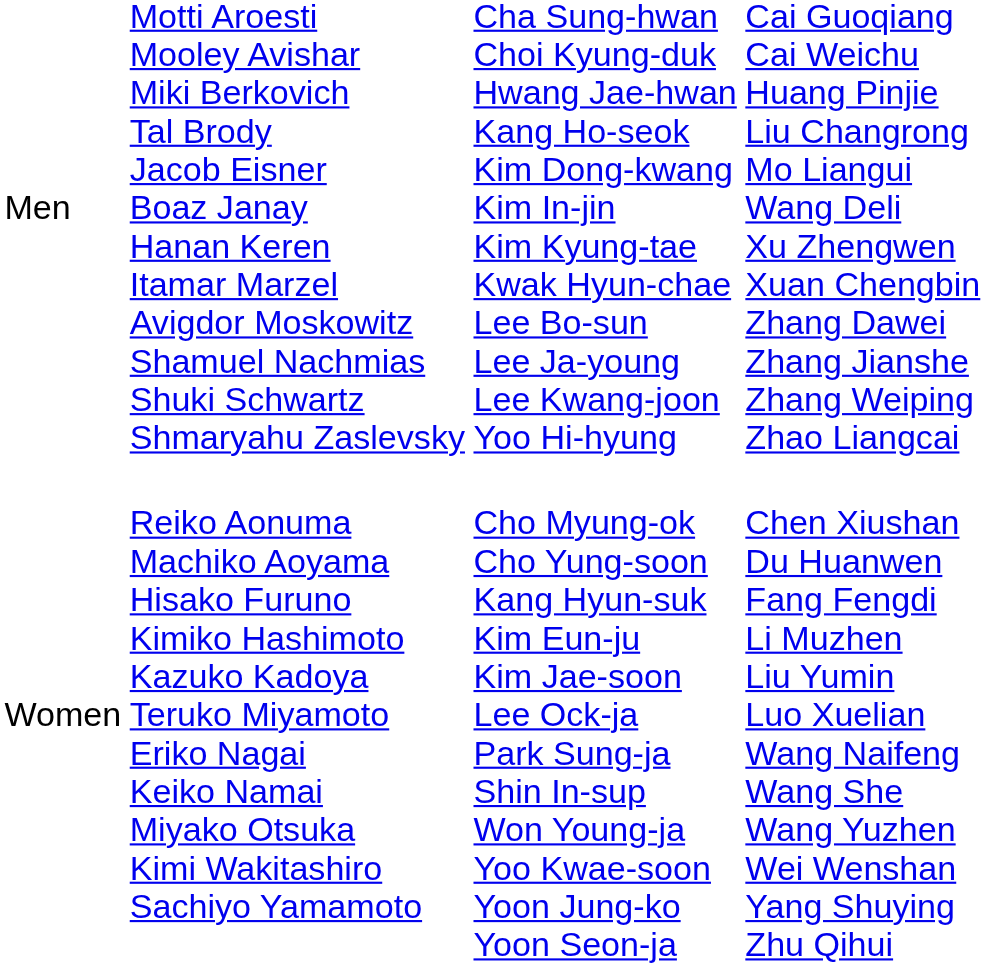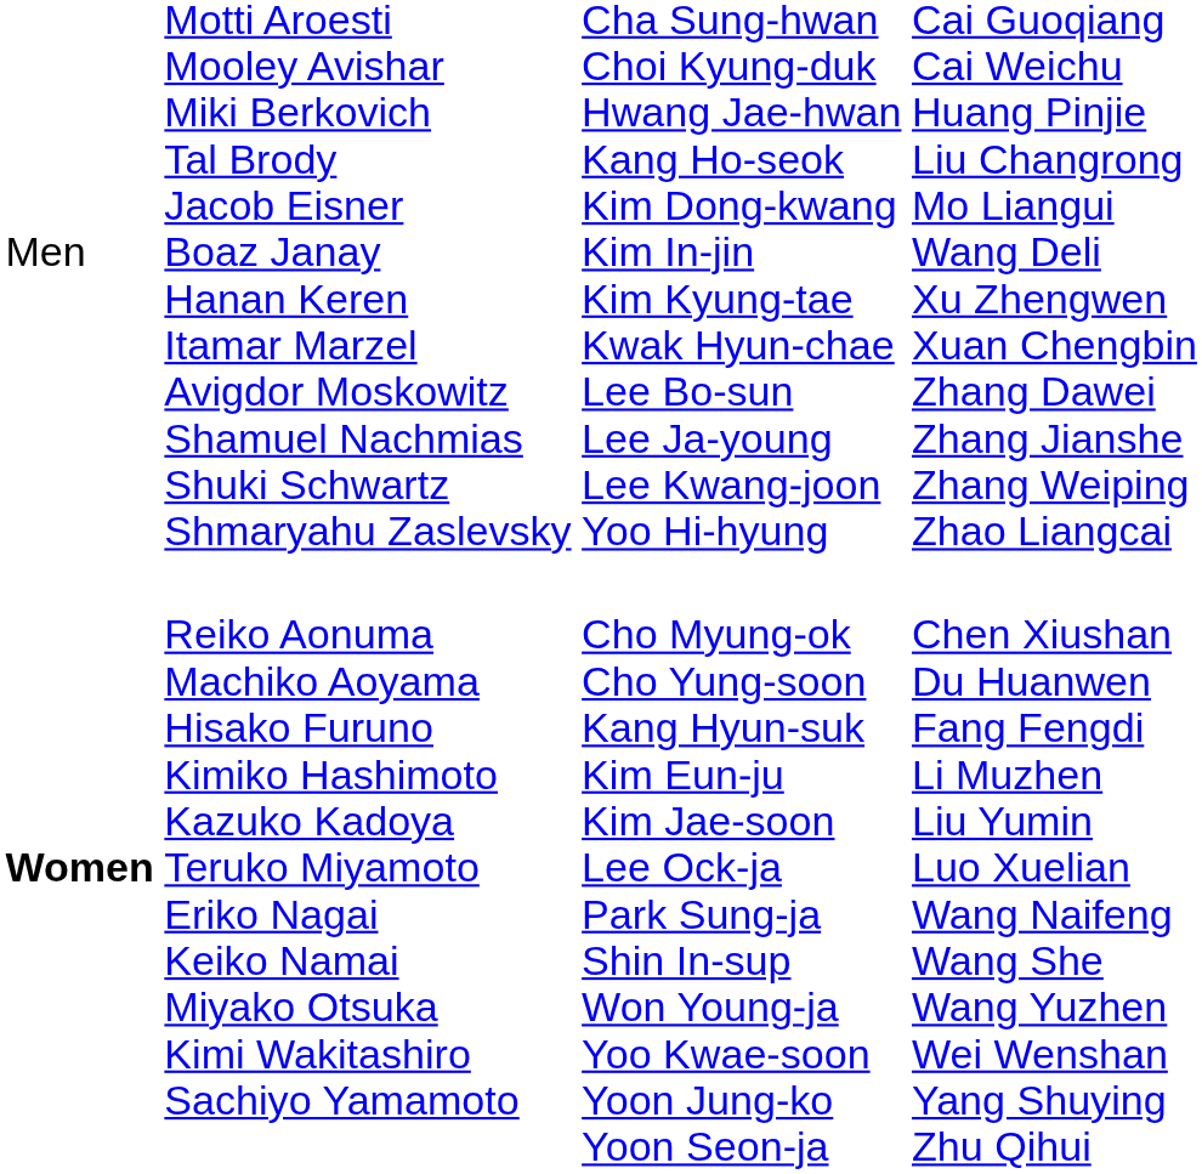 <table>
 <tr>
 <td>Men<br></td>
 <td><br><a href='#'>Motti Aroesti</a><br><a href='#'>Mooley Avishar</a><br><a href='#'>Miki Berkovich</a><br><a href='#'>Tal Brody</a><br><a href='#'>Jacob Eisner</a><br><a href='#'>Boaz Janay</a><br><a href='#'>Hanan Keren</a><br><a href='#'>Itamar Marzel</a><br><a href='#'>Avigdor Moskowitz</a><br><a href='#'>Shamuel Nachmias</a><br><a href='#'>Shuki Schwartz</a><br><a href='#'>Shmaryahu Zaslevsky</a></td>
 <td><br><a href='#'>Cha Sung-hwan</a><br><a href='#'>Choi Kyung-duk</a><br><a href='#'>Hwang Jae-hwan</a><br><a href='#'>Kang Ho-seok</a><br><a href='#'>Kim Dong-kwang</a><br><a href='#'>Kim In-jin</a><br><a href='#'>Kim Kyung-tae</a><br><a href='#'>Kwak Hyun-chae</a><br><a href='#'>Lee Bo-sun</a><br><a href='#'>Lee Ja-young</a><br><a href='#'>Lee Kwang-joon</a><br><a href='#'>Yoo Hi-hyung</a></td>
 <td><br><a href='#'>Cai Guoqiang</a><br><a href='#'>Cai Weichu</a><br><a href='#'>Huang Pinjie</a><br><a href='#'>Liu Changrong</a><br><a href='#'>Mo Liangui</a><br><a href='#'>Wang Deli</a><br><a href='#'>Xu Zhengwen</a><br><a href='#'>Xuan Chengbin</a><br><a href='#'>Zhang Dawei</a><br><a href='#'>Zhang Jianshe</a><br><a href='#'>Zhang Weiping</a><br><a href='#'>Zhao Liangcai</a></td>
 </tr>
 <tr>
-<td>Women<br></td>
+<td><strong>Women<br></strong></td>
 <td valign=top><br><a href='#'>Reiko Aonuma</a><br><a href='#'>Machiko Aoyama</a><br><a href='#'>Hisako Furuno</a><br><a href='#'>Kimiko Hashimoto</a><br><a href='#'>Kazuko Kadoya</a><br><a href='#'>Teruko Miyamoto</a><br><a href='#'>Eriko Nagai</a><br><a href='#'>Keiko Namai</a><br><a href='#'>Miyako Otsuka</a><br><a href='#'>Kimi Wakitashiro</a><br><a href='#'>Sachiyo Yamamoto</a></td>
 <td><br><a href='#'>Cho Myung-ok</a><br><a href='#'>Cho Yung-soon</a><br><a href='#'>Kang Hyun-suk</a><br><a href='#'>Kim Eun-ju</a><br><a href='#'>Kim Jae-soon</a><br><a href='#'>Lee Ock-ja</a><br><a href='#'>Park Sung-ja</a><br><a href='#'>Shin In-sup</a><br><a href='#'>Won Young-ja</a><br><a href='#'>Yoo Kwae-soon</a><br><a href='#'>Yoon Jung-ko</a><br><a href='#'>Yoon Seon-ja</a></td>
 <td><br><a href='#'>Chen Xiushan</a><br><a href='#'>Du Huanwen</a><br><a href='#'>Fang Fengdi</a><br><a href='#'>Li Muzhen</a><br><a href='#'>Liu Yumin</a><br><a href='#'>Luo Xuelian</a><br><a href='#'>Wang Naifeng</a><br><a href='#'>Wang She</a><br><a href='#'>Wang Yuzhen</a><br><a href='#'>Wei Wenshan</a><br><a href='#'>Yang Shuying</a><br><a href='#'>Zhu Qihui</a></td>
 </tr>
 </table>
